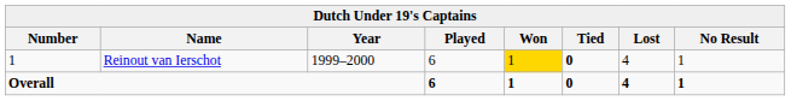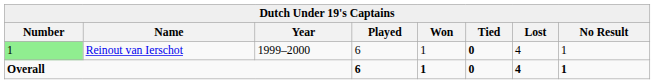 <table class="wikitable" style="width:70%;">
 <tr>
 <th style="background:#efefef;" colspan="9">Dutch Under 19's Captains</th>
 </tr>
 <tr style="background:#efefef;">
 <th>Number</th>
 <th>Name</th>
 <th>Year</th>
 <th>Played</th>
 <th>Won</th>
 <th>Tied</th>
 <th>Lost</th>
 <th>No Result</th>
 </tr>
 <tr>
-<td>1</td>
+<td style="background: lightgreen;">1</td>
 <td><a href='#'>Reinout van Ierschot</a></td>
 <td>1999–2000</td>
 <td>6</td>
-<td style="background: gold;">1</td>
+<td>1</td>
 <td><strong>0</strong></td>
 <td>4</td>
 <td>1</td>
 </tr>
 <tr>
 <td colspan=3><strong>Overall</strong></td>
 <td><strong>6</strong></td>
 <td><strong>1</strong></td>
 <td><strong>0</strong></td>
 <td><strong>4</strong></td>
 <td><strong>1</strong></td>
 </tr>
 </table>
